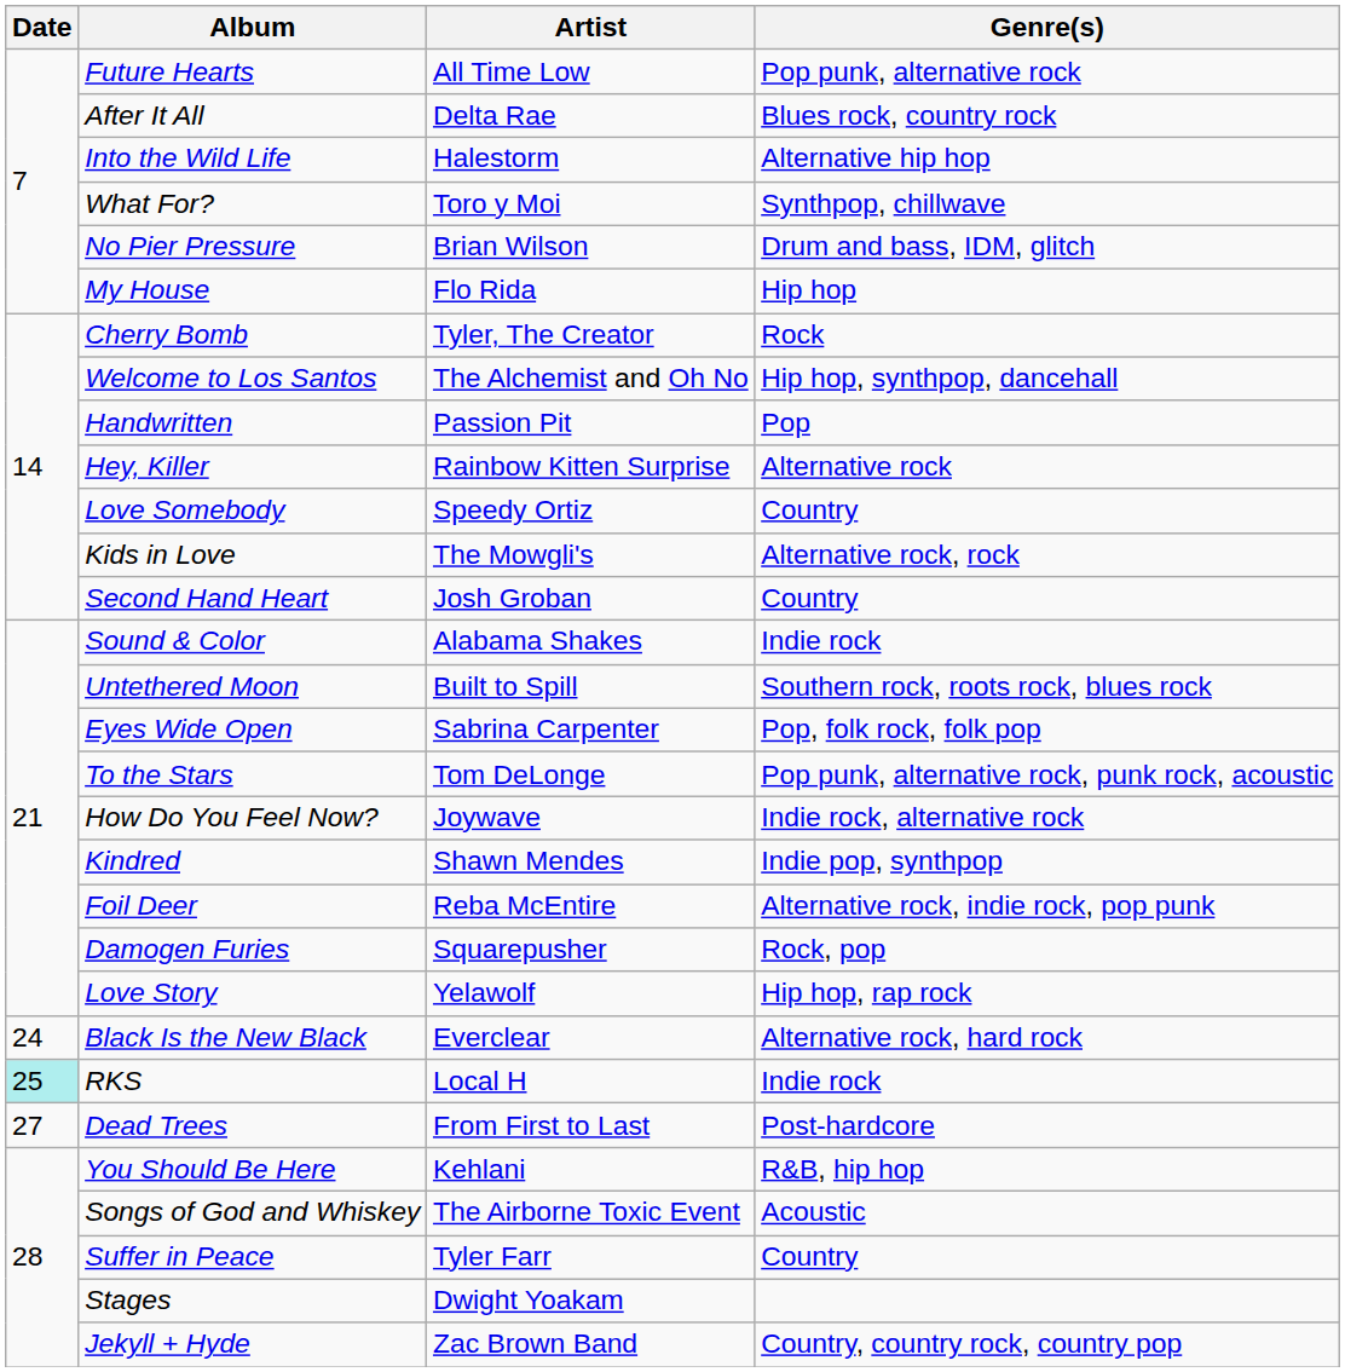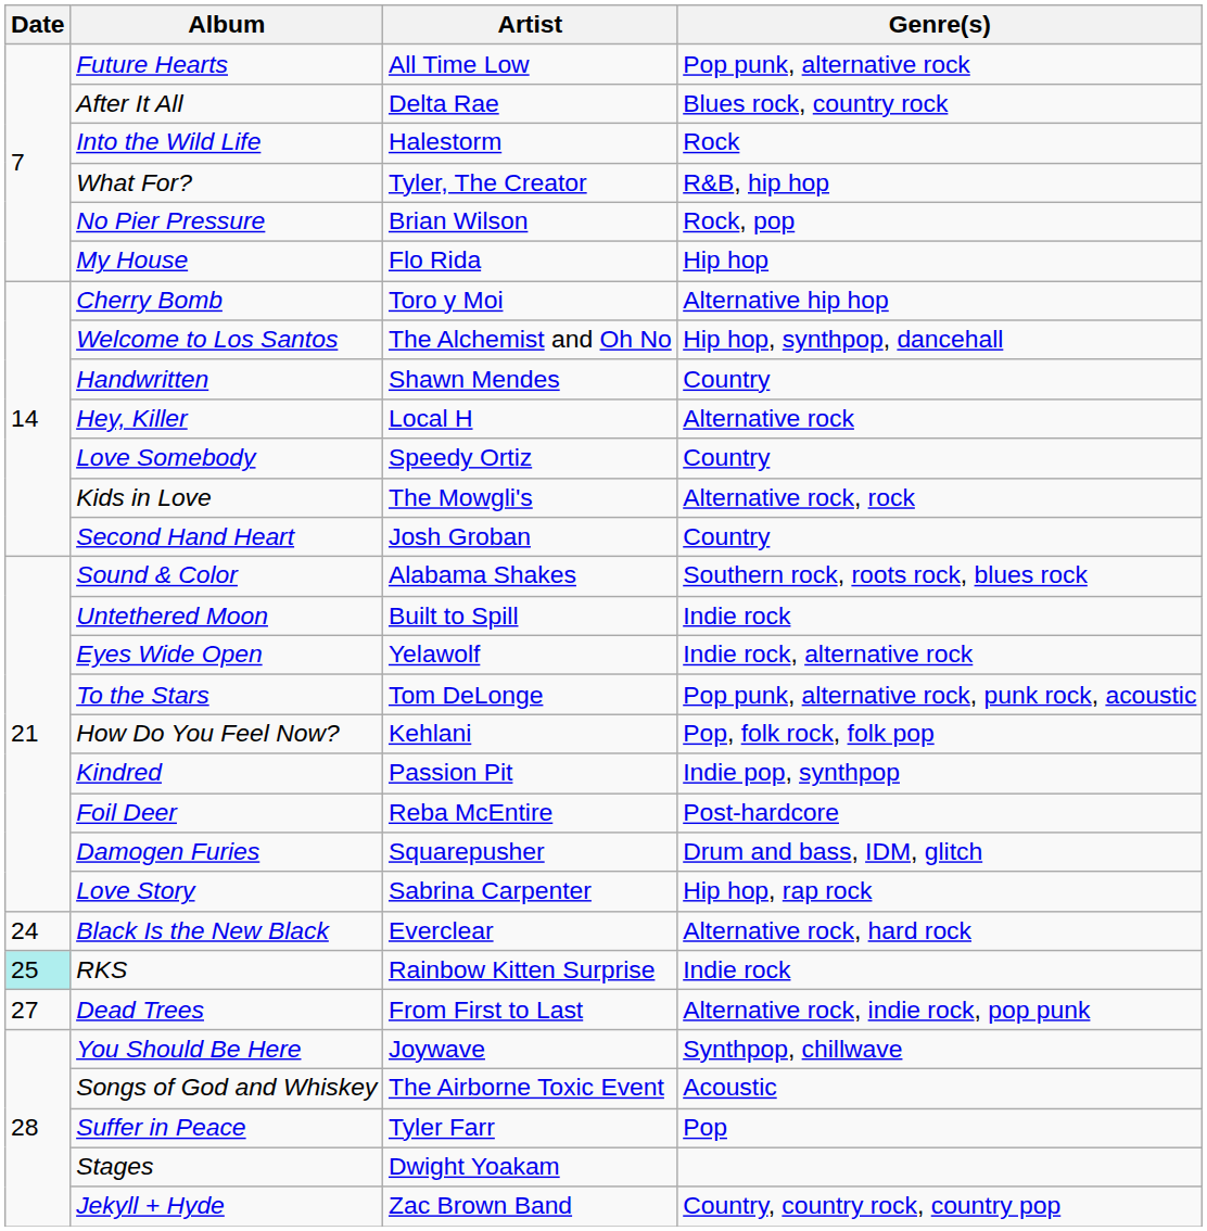 <table class="wikitable" style="text-align: left;">
 <tr>
 <th>Date</th>
 <th>Album</th>
 <th>Artist</th>
 <th>Genre(s)</th>
 </tr>
 <tr>
 <td rowspan="6">7</td>
 <td><em><a href='#'>Future Hearts</a></em></td>
 <td><a href='#'>All Time Low</a></td>
 <td><a href='#'>Pop punk</a>, <a href='#'>alternative rock</a></td>
 </tr>
 <tr>
 <td><em>After It All</em></td>
 <td><a href='#'>Delta Rae</a></td>
 <td><a href='#'>Blues rock</a>, <a href='#'>country rock</a></td>
 </tr>
 <tr>
 <td><em><a href='#'>Into the Wild Life</a></em></td>
 <td><a href='#'>Halestorm</a></td>
-<td><a href='#'>Alternative hip hop</a></td>
+<td><a href='#'>Rock</a></td>
 </tr>
 <tr>
 <td><em>What For?</em></td>
-<td><a href='#'>Toro y Moi</a></td>
-<td><a href='#'>Synthpop</a>, <a href='#'>chillwave</a></td>
+<td><a href='#'>Tyler, The Creator</a></td>
+<td><a href='#'>R&B</a>, <a href='#'>hip hop</a></td>
 </tr>
 <tr>
 <td><em><a href='#'>No Pier Pressure</a></em></td>
 <td><a href='#'>Brian Wilson</a></td>
-<td><a href='#'>Drum and bass</a>, <a href='#'>IDM</a>, <a href='#'>glitch</a></td>
+<td><a href='#'>Rock</a>, <a href='#'>pop</a></td>
 </tr>
 <tr>
 <td><em><a href='#'>My House</a></em></td>
 <td><a href='#'>Flo Rida</a></td>
 <td><a href='#'>Hip hop</a></td>
 </tr>
 <tr>
 <td rowspan="7">14</td>
 <td><em><a href='#'>Cherry Bomb</a></em></td>
-<td><a href='#'>Tyler, The Creator</a></td>
-<td><a href='#'>Rock</a></td>
+<td><a href='#'>Toro y Moi</a></td>
+<td><a href='#'>Alternative hip hop</a></td>
 </tr>
 <tr>
 <td><em><a href='#'>Welcome to Los Santos</a></em></td>
 <td><a href='#'>The Alchemist</a> and <a href='#'>Oh No</a></td>
 <td><a href='#'>Hip hop</a>, <a href='#'>synthpop</a>, <a href='#'>dancehall</a></td>
 </tr>
 <tr>
 <td><em><a href='#'>Handwritten</a></em></td>
-<td><a href='#'>Passion Pit</a></td>
-<td><a href='#'>Pop</a></td>
+<td><a href='#'>Shawn Mendes</a></td>
+<td><a href='#'>Country</a></td>
 </tr>
 <tr>
 <td><em><a href='#'>Hey, Killer</a></em></td>
-<td><a href='#'>Rainbow Kitten Surprise</a></td>
+<td><a href='#'>Local H</a></td>
 <td><a href='#'>Alternative rock</a></td>
 </tr>
 <tr>
 <td><em><a href='#'>Love Somebody</a></em></td>
 <td><a href='#'>Speedy Ortiz</a></td>
 <td><a href='#'>Country</a></td>
 </tr>
 <tr>
 <td><em>Kids in Love</em></td>
 <td><a href='#'>The Mowgli's</a></td>
 <td><a href='#'>Alternative rock</a>, <a href='#'>rock</a></td>
 </tr>
 <tr>
 <td><em><a href='#'>Second Hand Heart</a></em></td>
 <td><a href='#'>Josh Groban</a></td>
 <td><a href='#'>Country</a></td>
 </tr>
 <tr>
 <td rowspan="9">21</td>
 <td><em><a href='#'>Sound & Color</a></em></td>
 <td><a href='#'>Alabama Shakes</a></td>
-<td><a href='#'>Indie rock</a></td>
+<td><a href='#'>Southern rock</a>, <a href='#'>roots rock</a>, <a href='#'>blues rock</a></td>
 </tr>
 <tr>
 <td><em><a href='#'>Untethered Moon</a></em></td>
 <td><a href='#'>Built to Spill</a></td>
-<td><a href='#'>Southern rock</a>, <a href='#'>roots rock</a>, <a href='#'>blues rock</a></td>
+<td><a href='#'>Indie rock</a></td>
 </tr>
 <tr>
 <td><em><a href='#'>Eyes Wide Open</a></em></td>
-<td><a href='#'>Sabrina Carpenter</a></td>
-<td><a href='#'>Pop</a>, <a href='#'>folk rock</a>, <a href='#'>folk pop</a></td>
+<td><a href='#'>Yelawolf</a></td>
+<td><a href='#'>Indie rock</a>, <a href='#'>alternative rock</a></td>
 </tr>
 <tr>
 <td><em><a href='#'>To the Stars</a></em></td>
 <td><a href='#'>Tom DeLonge</a></td>
 <td><a href='#'>Pop punk</a>, <a href='#'>alternative rock</a>, <a href='#'>punk rock</a>, <a href='#'>acoustic</a></td>
 </tr>
 <tr>
 <td><em>How Do You Feel Now?</em></td>
-<td><a href='#'>Joywave</a></td>
-<td><a href='#'>Indie rock</a>, <a href='#'>alternative rock</a></td>
+<td><a href='#'>Kehlani</a></td>
+<td><a href='#'>Pop</a>, <a href='#'>folk rock</a>, <a href='#'>folk pop</a></td>
 </tr>
 <tr>
 <td><em><a href='#'>Kindred</a></em></td>
-<td><a href='#'>Shawn Mendes</a></td>
+<td><a href='#'>Passion Pit</a></td>
 <td><a href='#'>Indie pop</a>, <a href='#'>synthpop</a></td>
 </tr>
 <tr>
 <td><em><a href='#'>Foil Deer</a></em></td>
 <td><a href='#'>Reba McEntire</a></td>
-<td><a href='#'>Alternative rock</a>, <a href='#'>indie rock</a>, <a href='#'>pop punk</a></td>
+<td><a href='#'>Post-hardcore</a></td>
 </tr>
 <tr>
 <td><em><a href='#'>Damogen Furies</a></em></td>
 <td><a href='#'>Squarepusher</a></td>
-<td><a href='#'>Rock</a>, <a href='#'>pop</a></td>
+<td><a href='#'>Drum and bass</a>, <a href='#'>IDM</a>, <a href='#'>glitch</a></td>
 </tr>
 <tr>
 <td><em><a href='#'>Love Story</a></em></td>
-<td><a href='#'>Yelawolf</a></td>
+<td><a href='#'>Sabrina Carpenter</a></td>
 <td><a href='#'>Hip hop</a>, <a href='#'>rap rock</a></td>
 </tr>
 <tr>
 <td>24</td>
 <td><em><a href='#'>Black Is the New Black</a></em></td>
 <td><a href='#'>Everclear</a></td>
 <td><a href='#'>Alternative rock</a>, <a href='#'>hard rock</a></td>
 </tr>
 <tr>
 <td style="background: paleturquoise;">25</td>
 <td><em>RKS</em></td>
-<td><a href='#'>Local H</a></td>
+<td><a href='#'>Rainbow Kitten Surprise</a></td>
 <td><a href='#'>Indie rock</a></td>
 </tr>
 <tr>
 <td>27</td>
 <td><em><a href='#'>Dead Trees</a></em></td>
 <td><a href='#'>From First to Last</a></td>
-<td><a href='#'>Post-hardcore</a></td>
+<td><a href='#'>Alternative rock</a>, <a href='#'>indie rock</a>, <a href='#'>pop punk</a></td>
 </tr>
 <tr>
 <td rowspan="5">28</td>
 <td><em><a href='#'>You Should Be Here</a></em></td>
-<td><a href='#'>Kehlani</a></td>
-<td><a href='#'>R&B</a>, <a href='#'>hip hop</a></td>
+<td><a href='#'>Joywave</a></td>
+<td><a href='#'>Synthpop</a>, <a href='#'>chillwave</a></td>
 </tr>
 <tr>
 <td><em>Songs of God and Whiskey</em></td>
 <td><a href='#'>The Airborne Toxic Event</a></td>
 <td><a href='#'>Acoustic</a></td>
 </tr>
 <tr>
 <td><em><a href='#'>Suffer in Peace</a></em></td>
 <td><a href='#'>Tyler Farr</a></td>
-<td><a href='#'>Country</a></td>
+<td><a href='#'>Pop</a></td>
 </tr>
 <tr>
 <td><em>Stages</em></td>
 <td><a href='#'>Dwight Yoakam</a></td>
 <td></td>
 </tr>
 <tr>
 <td><em><a href='#'>Jekyll + Hyde</a></em></td>
 <td><a href='#'>Zac Brown Band</a></td>
 <td><a href='#'>Country</a>, <a href='#'>country rock</a>, <a href='#'>country pop</a></td>
 </tr>
 </table>
